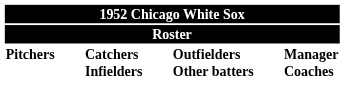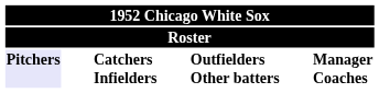 <table class="toccolours" style="font-size: 95%;">
 <tr>
 <th colspan="10" style="background-color: black; color: white; text-align: center;">1952 Chicago White Sox</th>
 </tr>
 <tr>
 <td colspan="10" style="background-color: black; color: white; text-align: center;"><strong>Roster</strong></td>
 </tr>
 <tr>
-<td valign="top"><strong>Pitchers</strong><br>             </td>
+<td valign="top" style="background: lavender;"><strong>Pitchers</strong><br>             </td>
 <td width="25px"></td>
 <td valign="top"><strong>Catchers</strong><br>     <strong>Infielders</strong>          </td>
 <td width="25px"></td>
 <td valign="top"><strong>Outfielders</strong><br>          <strong>Other batters</strong> </td>
 <td width="25px"></td>
 <td valign="top"><strong>Manager</strong><br> <strong>Coaches</strong>    </td>
 </tr>
 </table>
